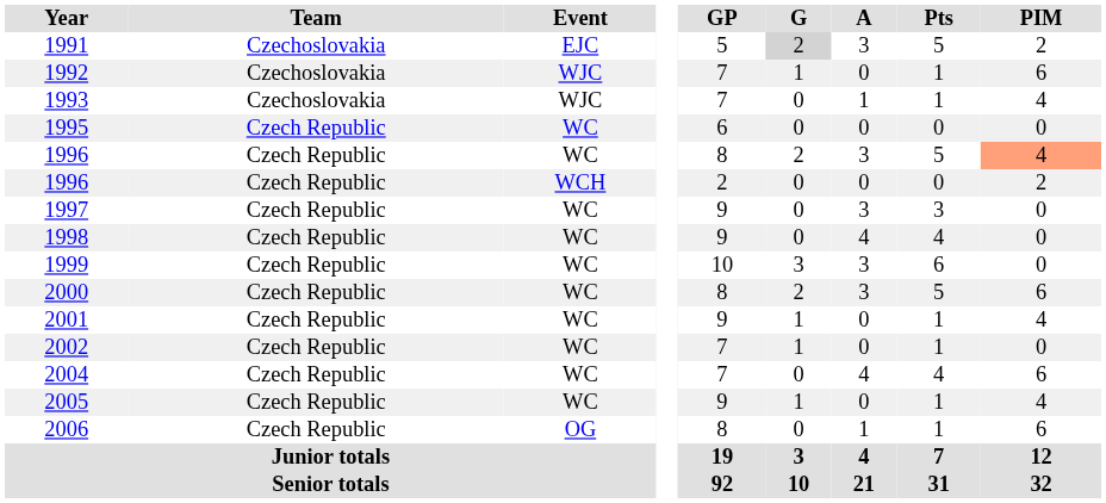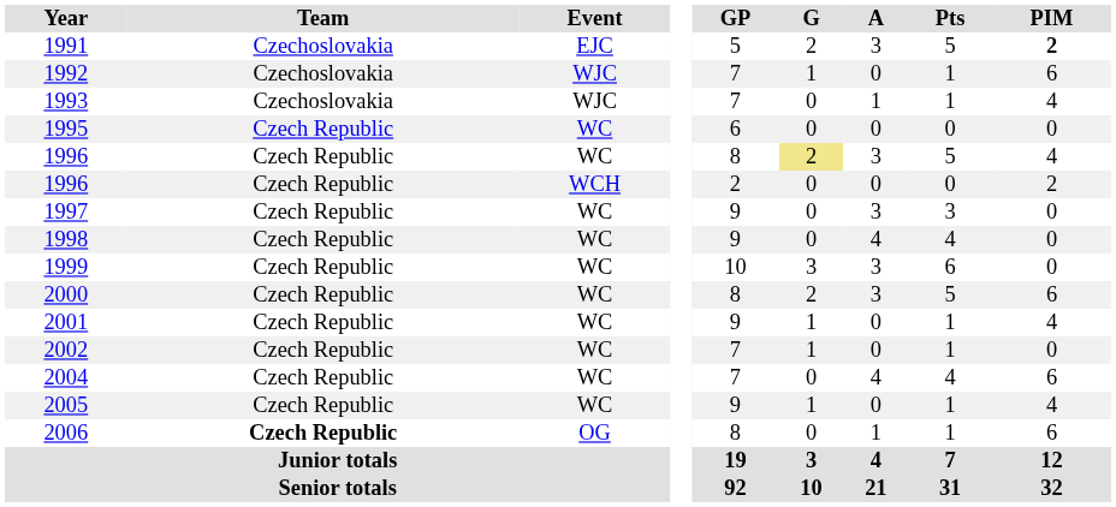 <table border="0" cellpadding="1" cellspacing="0" style="text-align:center; width:50em">
 <tr ALIGN="center" bgcolor="#e0e0e0">
 <th>Year</th>
 <th>Team</th>
 <th>Event</th>
 <th ALIGN="center" rowspan="99" bgcolor="#ffffff"> </th>
 <th>GP</th>
 <th>G</th>
 <th>A</th>
 <th>Pts</th>
 <th>PIM</th>
 </tr>
 <tr>
 <td><a href='#'>1991</a></td>
 <td><a href='#'>Czechoslovakia</a></td>
 <td><a href='#'>EJC</a></td>
 <td>5</td>
-<td style="background: lightgrey;">2</td>
+<td>2</td>
 <td>3</td>
 <td>5</td>
-<td>2</td>
+<td><strong>2</strong></td>
 </tr>
 <tr bgcolor="#f0f0f0">
 <td><a href='#'>1992</a></td>
 <td>Czechoslovakia</td>
 <td><a href='#'>WJC</a></td>
 <td>7</td>
 <td>1</td>
 <td>0</td>
 <td>1</td>
 <td>6</td>
 </tr>
 <tr>
 <td><a href='#'>1993</a></td>
 <td>Czechoslovakia</td>
 <td>WJC</td>
 <td>7</td>
 <td>0</td>
 <td>1</td>
 <td>1</td>
 <td>4</td>
 </tr>
 <tr bgcolor="#f0f0f0">
 <td><a href='#'>1995</a></td>
 <td><a href='#'>Czech Republic</a></td>
 <td><a href='#'>WC</a></td>
 <td>6</td>
 <td>0</td>
 <td>0</td>
 <td>0</td>
 <td>0</td>
 </tr>
 <tr>
 <td><a href='#'>1996</a></td>
 <td>Czech Republic</td>
 <td>WC</td>
 <td>8</td>
-<td>2</td>
+<td style="background: khaki;">2</td>
 <td>3</td>
 <td>5</td>
-<td style="background: lightsalmon;">4</td>
+<td>4</td>
 </tr>
 <tr bgcolor="#f0f0f0">
 <td><a href='#'>1996</a></td>
 <td>Czech Republic</td>
 <td><a href='#'>WCH</a></td>
 <td>2</td>
 <td>0</td>
 <td>0</td>
 <td>0</td>
 <td>2</td>
 </tr>
 <tr>
 <td><a href='#'>1997</a></td>
 <td>Czech Republic</td>
 <td>WC</td>
 <td>9</td>
 <td>0</td>
 <td>3</td>
 <td>3</td>
 <td>0</td>
 </tr>
 <tr bgcolor="#f0f0f0">
 <td><a href='#'>1998</a></td>
 <td>Czech Republic</td>
 <td>WC</td>
 <td>9</td>
 <td>0</td>
 <td>4</td>
 <td>4</td>
 <td>0</td>
 </tr>
 <tr>
 <td><a href='#'>1999</a></td>
 <td>Czech Republic</td>
 <td>WC</td>
 <td>10</td>
 <td>3</td>
 <td>3</td>
 <td>6</td>
 <td>0</td>
 </tr>
 <tr bgcolor="#f0f0f0">
 <td><a href='#'>2000</a></td>
 <td>Czech Republic</td>
 <td>WC</td>
 <td>8</td>
 <td>2</td>
 <td>3</td>
 <td>5</td>
 <td>6</td>
 </tr>
 <tr>
 <td><a href='#'>2001</a></td>
 <td>Czech Republic</td>
 <td>WC</td>
 <td>9</td>
 <td>1</td>
 <td>0</td>
 <td>1</td>
 <td>4</td>
 </tr>
 <tr bgcolor="#f0f0f0">
 <td><a href='#'>2002</a></td>
 <td>Czech Republic</td>
 <td>WC</td>
 <td>7</td>
 <td>1</td>
 <td>0</td>
 <td>1</td>
 <td>0</td>
 </tr>
 <tr>
 <td><a href='#'>2004</a></td>
 <td>Czech Republic</td>
 <td>WC</td>
 <td>7</td>
 <td>0</td>
 <td>4</td>
 <td>4</td>
 <td>6</td>
 </tr>
 <tr bgcolor="#f0f0f0">
 <td><a href='#'>2005</a></td>
 <td>Czech Republic</td>
 <td>WC</td>
 <td>9</td>
 <td>1</td>
 <td>0</td>
 <td>1</td>
 <td>4</td>
 </tr>
 <tr>
 <td><a href='#'>2006</a></td>
-<td>Czech Republic</td>
+<td><strong>Czech Republic</strong></td>
 <td><a href='#'>OG</a></td>
 <td>8</td>
 <td>0</td>
 <td>1</td>
 <td>1</td>
 <td>6</td>
 </tr>
 <tr bgcolor="#e0e0e0">
 <th colspan=3>Junior totals</th>
 <th>19</th>
 <th>3</th>
 <th>4</th>
 <th>7</th>
 <th>12</th>
 </tr>
 <tr bgcolor="#e0e0e0">
 <th colspan=3>Senior totals</th>
 <th>92</th>
 <th>10</th>
 <th>21</th>
 <th>31</th>
 <th>32</th>
 </tr>
 </table>
